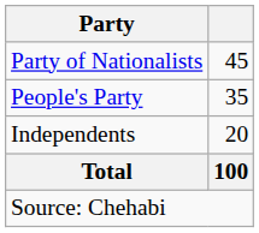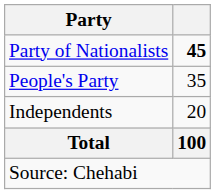 <table class=wikitable style=text-align:right>
 <tr>
 <th>Party</th>
 <th></th>
 </tr>
 <tr>
 <td align=left><a href='#'>Party of Nationalists</a></td>
-<td>45</td>
+<td><strong>45</strong></td>
 </tr>
 <tr>
 <td align=left><a href='#'>People's Party</a></td>
 <td>35</td>
 </tr>
 <tr>
 <td align=left>Independents</td>
 <td>20</td>
 </tr>
 <tr>
 <th align=left>Total</th>
 <th>100</th>
 </tr>
 <tr>
 <td colspan=5 align=left>Source: Chehabi</td>
 </tr>
 </table>
